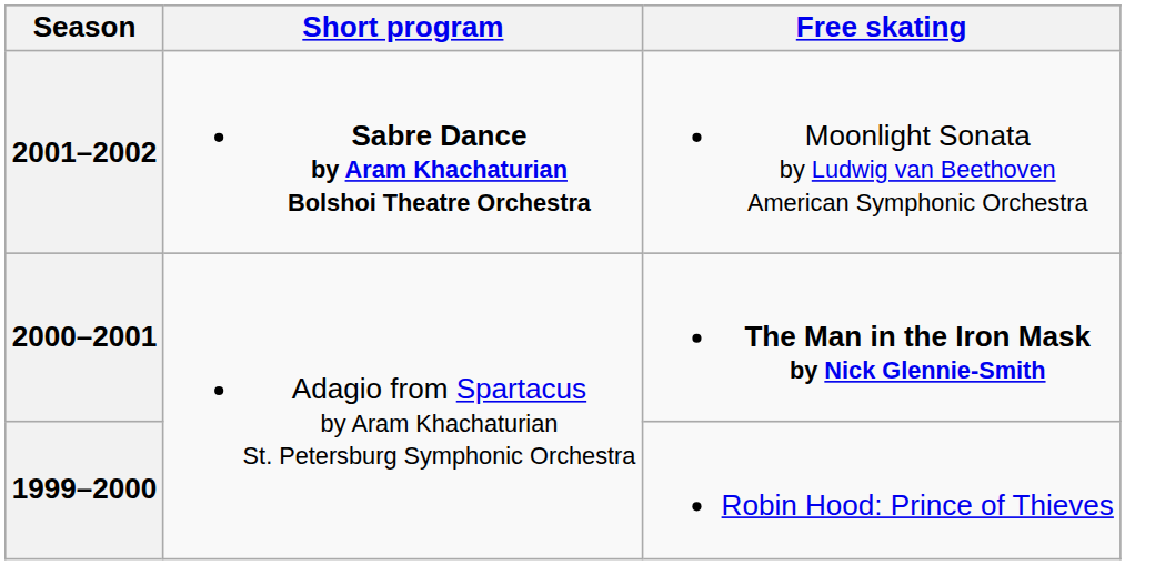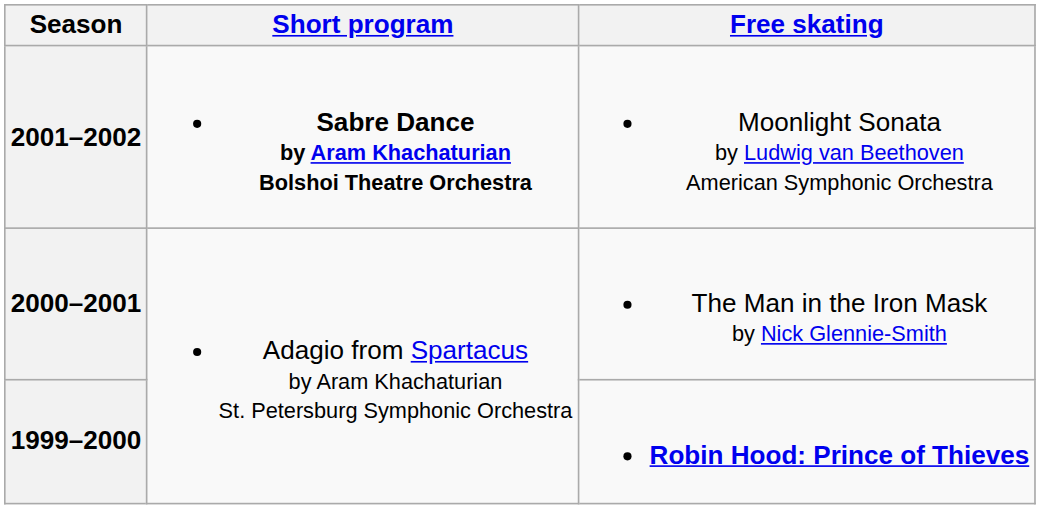 <table class=wikitable style=text-align:center>
 <tr>
 <th>Season</th>
 <th><a href='#'>Short program</a></th>
 <th><a href='#'>Free skating</a></th>
 </tr>
 <tr>
 <th>2001–2002 <br> </th>
 <td><strong><br><ul><li>Sabre Dance <br><small> by <a href='#'>Aram Khachaturian</a> <br> Bolshoi Theatre Orchestra </small></li></ul></strong></td>
 <td><br><ul><li>Moonlight Sonata <br><small> by <a href='#'>Ludwig van Beethoven</a> <br> American Symphonic Orchestra </small></li></ul></td>
 </tr>
 <tr>
 <th>2000–2001 <br> </th>
 <td rowspan=2><br><ul><li>Adagio from <a href='#'>Spartacus</a> <br><small> by Aram Khachaturian <br> St. Petersburg Symphonic Orchestra </small></li></ul></td>
-<td><strong><br><ul><li>The Man in the Iron Mask <br><small> by <a href='#'>Nick Glennie-Smith</a> </small></li></ul></strong></td>
+<td><br><ul><li>The Man in the Iron Mask <br><small> by <a href='#'>Nick Glennie-Smith</a> </small></li></ul></td>
 </tr>
 <tr>
 <th>1999–2000</th>
-<td><br><ul><li><a href='#'>Robin Hood: Prince of Thieves</a> <br></li></ul></td>
+<td><strong><br><ul><li><a href='#'>Robin Hood: Prince of Thieves</a> <br></li></ul></strong></td>
 </tr>
 </table>
